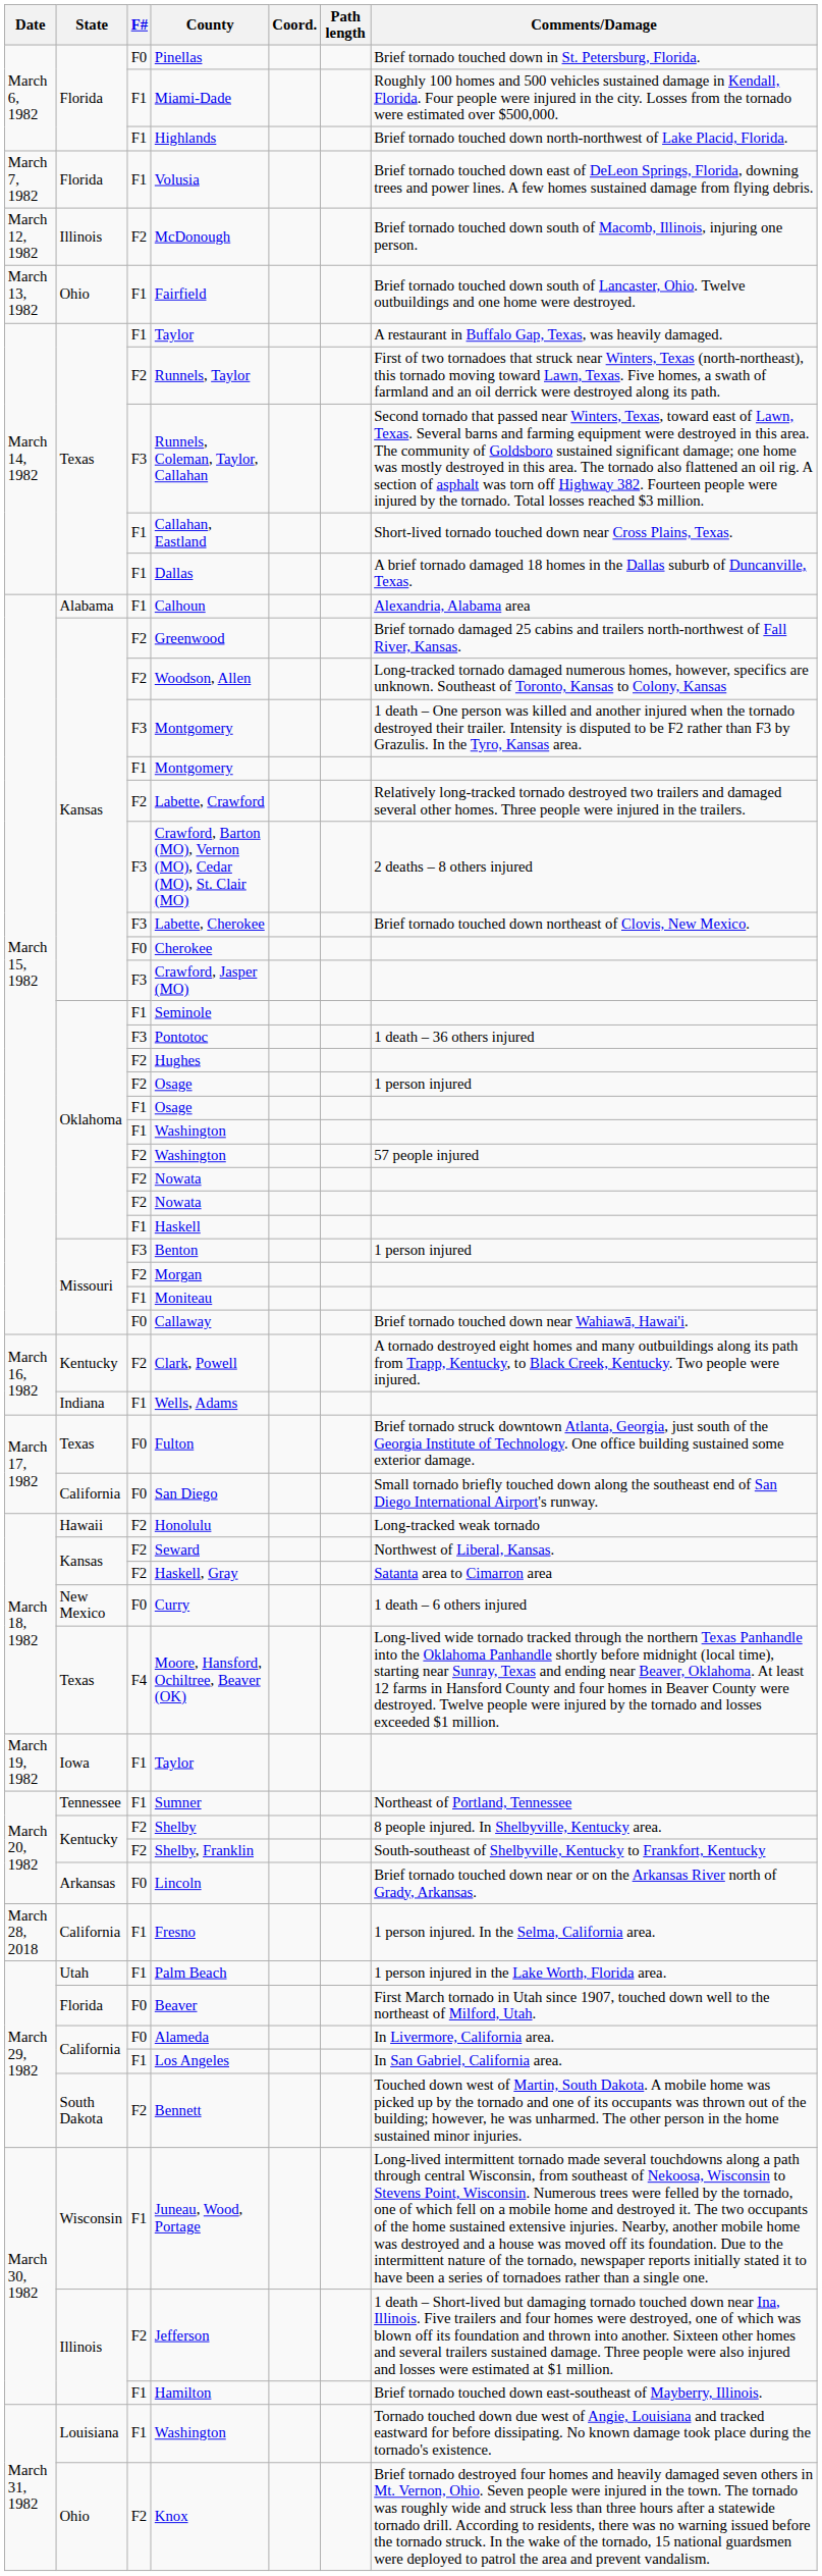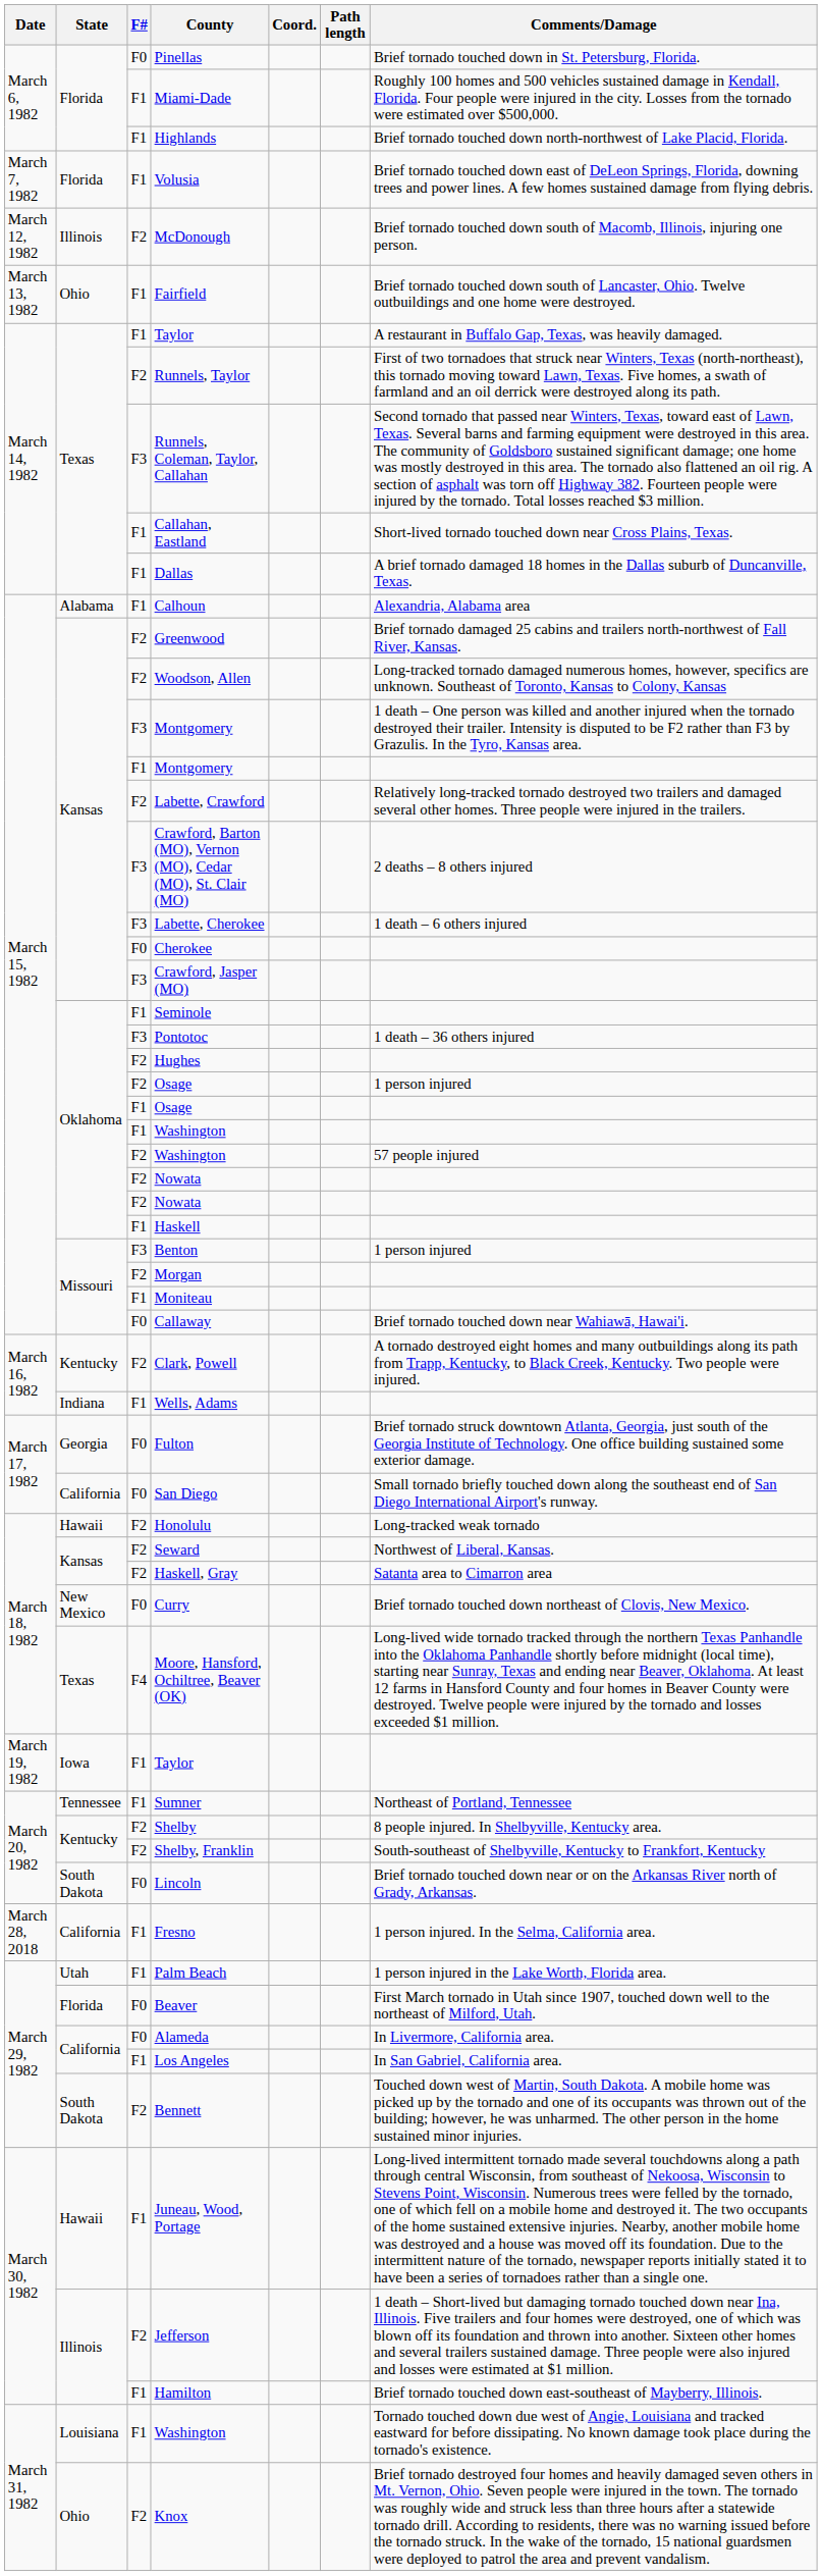 <table class="wikitable sortable">
 <tr>
 <th>Date</th>
 <th>State</th>
 <th><a href='#'>F#</a></th>
 <th>County</th>
 <th>Coord.</th>
 <th>Path length</th>
 <th>Comments/Damage</th>
 </tr>
 <tr>
 <td rowspan="3">March 6, 1982</td>
 <td rowspan="3">Florida</td>
 <td style="background: #">F0</td>
 <td><a href='#'>Pinellas</a></td>
 <td></td>
 <td></td>
 <td>Brief tornado touched down in <a href='#'>St. Petersburg, Florida</a>.</td>
 </tr>
 <tr>
 <td style="background: #">F1</td>
 <td><a href='#'>Miami-Dade</a></td>
 <td></td>
 <td></td>
 <td>Roughly 100 homes and 500 vehicles sustained damage in <a href='#'>Kendall, Florida</a>. Four people were injured in the city. Losses from the tornado were estimated over $500,000.</td>
 </tr>
 <tr>
 <td style="background: #">F1</td>
 <td><a href='#'>Highlands</a></td>
 <td></td>
 <td></td>
 <td>Brief tornado touched down north-northwest of <a href='#'>Lake Placid, Florida</a>.</td>
 </tr>
 <tr>
 <td>March 7, 1982</td>
 <td>Florida</td>
 <td style="background: #">F1</td>
 <td><a href='#'>Volusia</a></td>
 <td></td>
 <td></td>
 <td>Brief tornado touched down east of <a href='#'>DeLeon Springs, Florida</a>, downing trees and power lines. A few homes sustained damage from flying debris.</td>
 </tr>
 <tr>
 <td>March 12, 1982</td>
 <td>Illinois</td>
 <td style="background: #">F2</td>
 <td><a href='#'>McDonough</a></td>
 <td></td>
 <td></td>
 <td>Brief tornado touched down south of <a href='#'>Macomb, Illinois</a>, injuring one person.</td>
 </tr>
 <tr>
 <td>March 13, 1982</td>
 <td>Ohio</td>
 <td style="background: #">F1</td>
 <td><a href='#'>Fairfield</a></td>
 <td></td>
 <td></td>
 <td>Brief tornado touched down south of <a href='#'>Lancaster, Ohio</a>. Twelve outbuildings and one home were destroyed.</td>
 </tr>
 <tr>
 <td rowspan="5">March 14, 1982</td>
 <td rowspan="5">Texas</td>
 <td style="background: #">F1</td>
 <td><a href='#'>Taylor</a></td>
 <td></td>
 <td></td>
 <td>A restaurant in <a href='#'>Buffalo Gap, Texas</a>, was heavily damaged.</td>
 </tr>
 <tr>
 <td style="background: #">F2</td>
 <td><a href='#'>Runnels</a>, <a href='#'>Taylor</a></td>
 <td></td>
 <td></td>
 <td>First of two tornadoes that struck near <a href='#'>Winters, Texas</a> (north-northeast), this tornado moving toward <a href='#'>Lawn, Texas</a>. Five homes, a swath of farmland and an oil derrick were destroyed along its path.</td>
 </tr>
 <tr>
 <td style="background: #">F3</td>
 <td><a href='#'>Runnels</a>, <a href='#'>Coleman</a>, <a href='#'>Taylor</a>, <a href='#'>Callahan</a></td>
 <td></td>
 <td></td>
 <td>Second tornado that passed near <a href='#'>Winters, Texas</a>, toward east of <a href='#'>Lawn, Texas</a>. Several barns and farming equipment were destroyed in this area. The community of <a href='#'>Goldsboro</a> sustained significant damage; one home was mostly destroyed in this area. The tornado also flattened an oil rig. A  section of <a href='#'>asphalt</a> was torn off <a href='#'>Highway 382</a>. Fourteen people were injured by the tornado. Total losses reached $3 million.</td>
 </tr>
 <tr>
 <td style="background: #">F1</td>
 <td><a href='#'>Callahan</a>, <a href='#'>Eastland</a></td>
 <td></td>
 <td></td>
 <td>Short-lived tornado touched down near <a href='#'>Cross Plains, Texas</a>.</td>
 </tr>
 <tr>
 <td style="background: #">F1</td>
 <td><a href='#'>Dallas</a></td>
 <td></td>
 <td></td>
 <td>A brief tornado damaged 18 homes in the <a href='#'>Dallas</a> suburb of <a href='#'>Duncanville, Texas</a>.</td>
 </tr>
 <tr>
 <td rowspan="24">March 15, 1982</td>
 <td>Alabama</td>
 <td style="background: #">F1</td>
 <td><a href='#'>Calhoun</a></td>
 <td></td>
 <td></td>
 <td><a href='#'>Alexandria, Alabama</a> area</td>
 </tr>
 <tr>
 <td rowspan="9">Kansas</td>
 <td style="background: #">F2</td>
 <td><a href='#'>Greenwood</a></td>
 <td></td>
 <td></td>
 <td>Brief tornado damaged 25 cabins and trailers north-northwest of <a href='#'>Fall River, Kansas</a>.</td>
 </tr>
 <tr>
 <td style="background: #">F2</td>
 <td><a href='#'>Woodson</a>, <a href='#'>Allen</a></td>
 <td></td>
 <td></td>
 <td>Long-tracked tornado damaged numerous homes, however, specifics are unknown. Southeast of <a href='#'>Toronto, Kansas</a> to <a href='#'>Colony, Kansas</a></td>
 </tr>
 <tr>
 <td style="background: #">F3</td>
 <td><a href='#'>Montgomery</a></td>
 <td></td>
 <td></td>
 <td>1 death – One person was killed and another injured when the tornado destroyed their trailer. Intensity is disputed to be F2 rather than F3 by Grazulis. In the <a href='#'>Tyro, Kansas</a> area.</td>
 </tr>
 <tr>
 <td style="background: #">F1</td>
 <td><a href='#'>Montgomery</a></td>
 <td></td>
 <td></td>
 <td></td>
 </tr>
 <tr>
 <td style="background: #">F2</td>
 <td><a href='#'>Labette</a>, <a href='#'>Crawford</a></td>
 <td></td>
 <td></td>
 <td>Relatively long-tracked tornado destroyed two trailers and damaged several other homes. Three people were injured in the trailers.</td>
 </tr>
 <tr>
 <td style="background: #">F3</td>
 <td><a href='#'>Crawford</a>, <a href='#'>Barton (MO)</a>, <a href='#'>Vernon (MO)</a>, <a href='#'>Cedar (MO)</a>, <a href='#'>St. Clair (MO)</a></td>
 <td></td>
 <td></td>
 <td>2 deaths – 8 others injured</td>
 </tr>
 <tr>
 <td style="background: #">F3</td>
 <td><a href='#'>Labette</a>, <a href='#'>Cherokee</a></td>
 <td></td>
 <td></td>
-<td>Brief tornado touched down northeast of <a href='#'>Clovis, New Mexico</a>.</td>
+<td>1 death – 6 others injured</td>
 </tr>
 <tr>
 <td style="background: #">F0</td>
 <td><a href='#'>Cherokee</a></td>
 <td></td>
 <td></td>
 <td></td>
 </tr>
 <tr>
 <td style="background: #">F3</td>
 <td><a href='#'>Crawford</a>, <a href='#'>Jasper (MO)</a></td>
 <td></td>
 <td></td>
 <td></td>
 </tr>
 <tr>
 <td rowspan="10">Oklahoma</td>
 <td style="background: #">F1</td>
 <td><a href='#'>Seminole</a></td>
 <td></td>
 <td></td>
 <td></td>
 </tr>
 <tr>
 <td style="background: #">F3</td>
 <td><a href='#'>Pontotoc</a></td>
 <td></td>
 <td></td>
 <td>1 death – 36 others injured</td>
 </tr>
 <tr>
 <td style="background: #">F2</td>
 <td><a href='#'>Hughes</a></td>
 <td></td>
 <td></td>
 <td></td>
 </tr>
 <tr>
 <td style="background: #">F2</td>
 <td><a href='#'>Osage</a></td>
 <td></td>
 <td></td>
 <td>1 person injured</td>
 </tr>
 <tr>
 <td style="background: #">F1</td>
 <td><a href='#'>Osage</a></td>
 <td></td>
 <td></td>
 <td></td>
 </tr>
 <tr>
 <td style="background: #">F1</td>
 <td><a href='#'>Washington</a></td>
 <td></td>
 <td></td>
 <td></td>
 </tr>
 <tr>
 <td style="background: #">F2</td>
 <td><a href='#'>Washington</a></td>
 <td></td>
 <td></td>
 <td>57 people injured</td>
 </tr>
 <tr>
 <td style="background: #">F2</td>
 <td><a href='#'>Nowata</a></td>
 <td></td>
 <td></td>
 <td></td>
 </tr>
 <tr>
 <td style="background: #">F2</td>
 <td><a href='#'>Nowata</a></td>
 <td></td>
 <td></td>
 <td></td>
 </tr>
 <tr>
 <td style="background: #">F1</td>
 <td><a href='#'>Haskell</a></td>
 <td></td>
 <td></td>
 <td></td>
 </tr>
 <tr>
 <td rowspan="4">Missouri</td>
 <td style="background: #">F3</td>
 <td><a href='#'>Benton</a></td>
 <td></td>
 <td></td>
 <td>1 person injured</td>
 </tr>
 <tr>
 <td style="background: #">F2</td>
 <td><a href='#'>Morgan</a></td>
 <td></td>
 <td></td>
 <td></td>
 </tr>
 <tr>
 <td style="background: #">F1</td>
 <td><a href='#'>Moniteau</a></td>
 <td></td>
 <td></td>
 <td></td>
 </tr>
 <tr>
 <td style="background: #">F0</td>
 <td><a href='#'>Callaway</a></td>
 <td></td>
 <td></td>
 <td>Brief tornado touched down near <a href='#'>Wahiawā, Hawai'i</a>.</td>
 </tr>
 <tr>
 <td rowspan="2">March 16, 1982</td>
 <td>Kentucky</td>
 <td style="background: #">F2</td>
 <td><a href='#'>Clark</a>, <a href='#'>Powell</a></td>
 <td></td>
 <td></td>
 <td>A tornado destroyed eight homes and many outbuildings along its path from <a href='#'>Trapp, Kentucky</a>, to <a href='#'>Black Creek, Kentucky</a>. Two people were injured.</td>
 </tr>
 <tr>
 <td>Indiana</td>
 <td style="background: #">F1</td>
 <td><a href='#'>Wells</a>, <a href='#'>Adams</a></td>
 <td></td>
 <td></td>
 <td></td>
 </tr>
 <tr>
 <td rowspan="2">March 17, 1982</td>
-<td>Texas</td>
+<td>Georgia</td>
 <td style="background: #">F0</td>
 <td><a href='#'>Fulton</a></td>
 <td></td>
 <td></td>
 <td>Brief tornado struck downtown <a href='#'>Atlanta, Georgia</a>, just south of the <a href='#'>Georgia Institute of Technology</a>. One office building sustained some exterior damage.</td>
 </tr>
 <tr>
 <td>California</td>
 <td style="background: #">F0</td>
 <td><a href='#'>San Diego</a></td>
 <td></td>
 <td></td>
 <td>Small tornado briefly touched down along the southeast end of <a href='#'>San Diego International Airport</a>'s runway.</td>
 </tr>
 <tr>
 <td rowspan="5">March 18, 1982</td>
 <td>Hawaii</td>
 <td style="background: #">F2</td>
 <td><a href='#'>Honolulu</a></td>
 <td></td>
 <td></td>
 <td>Long-tracked weak tornado</td>
 </tr>
 <tr>
 <td rowspan="2">Kansas</td>
 <td style="background: #">F2</td>
 <td><a href='#'>Seward</a></td>
 <td></td>
 <td></td>
 <td>Northwest of <a href='#'>Liberal, Kansas</a>.</td>
 </tr>
 <tr>
 <td style="background: #">F2</td>
 <td><a href='#'>Haskell</a>, <a href='#'>Gray</a></td>
 <td></td>
 <td></td>
 <td><a href='#'>Satanta</a> area to <a href='#'>Cimarron</a> area</td>
 </tr>
 <tr>
 <td>New Mexico</td>
 <td style="background: #">F0</td>
 <td><a href='#'>Curry</a></td>
 <td></td>
 <td></td>
-<td>1 death – 6 others injured</td>
+<td>Brief tornado touched down northeast of <a href='#'>Clovis, New Mexico</a>.</td>
 </tr>
 <tr>
 <td>Texas</td>
 <td style="background: #">F4</td>
 <td><a href='#'>Moore</a>, <a href='#'>Hansford</a>, <a href='#'>Ochiltree</a>, <a href='#'>Beaver (OK)</a></td>
 <td></td>
 <td></td>
 <td>Long-lived  wide tornado tracked through the northern <a href='#'>Texas Panhandle</a> into the <a href='#'>Oklahoma Panhandle</a> shortly before midnight (local time), starting near <a href='#'>Sunray, Texas</a> and ending near <a href='#'>Beaver, Oklahoma</a>. At least 12 farms in Hansford County and four homes in Beaver County were destroyed. Twelve people were injured by the tornado and losses exceeded $1 million.</td>
 </tr>
 <tr>
 <td>March 19, 1982</td>
 <td>Iowa</td>
 <td style="background: #">F1</td>
 <td><a href='#'>Taylor</a></td>
 <td></td>
 <td></td>
 <td></td>
 </tr>
 <tr>
 <td rowspan="4">March 20, 1982</td>
 <td>Tennessee</td>
 <td style="background: #">F1</td>
 <td><a href='#'>Sumner</a></td>
 <td></td>
 <td></td>
 <td>Northeast of <a href='#'>Portland, Tennessee</a></td>
 </tr>
 <tr>
 <td rowspan="2">Kentucky</td>
 <td style="background: #">F2</td>
 <td><a href='#'>Shelby</a></td>
 <td></td>
 <td></td>
 <td>8 people injured. In <a href='#'>Shelbyville, Kentucky</a> area.</td>
 </tr>
 <tr>
 <td style="background: #">F2</td>
 <td><a href='#'>Shelby</a>, <a href='#'>Franklin</a></td>
 <td></td>
 <td></td>
 <td>South-southeast of <a href='#'>Shelbyville, Kentucky</a> to <a href='#'>Frankfort, Kentucky</a></td>
 </tr>
 <tr>
-<td>Arkansas</td>
+<td>South Dakota</td>
 <td style="background: #">F0</td>
 <td><a href='#'>Lincoln</a></td>
 <td></td>
 <td></td>
 <td>Brief tornado touched down near or on the <a href='#'>Arkansas River</a> north of <a href='#'>Grady, Arkansas</a>.</td>
 </tr>
 <tr>
 <td>March 28, 2018</td>
 <td>California</td>
 <td style="background: #">F1</td>
 <td><a href='#'>Fresno</a></td>
 <td></td>
 <td></td>
 <td>1 person injured. In the <a href='#'>Selma, California</a> area.</td>
 </tr>
 <tr>
 <td rowspan="5">March 29, 1982</td>
 <td>Utah</td>
 <td style="background: #">F1</td>
 <td><a href='#'>Palm Beach</a></td>
 <td></td>
 <td></td>
 <td>1 person injured in the <a href='#'>Lake Worth, Florida</a> area.</td>
 </tr>
 <tr>
 <td>Florida</td>
 <td style="background: #">F0</td>
 <td><a href='#'>Beaver</a></td>
 <td></td>
 <td></td>
 <td>First March tornado in Utah since 1907, touched down well to the northeast of <a href='#'>Milford, Utah</a>.</td>
 </tr>
 <tr>
 <td rowspan="2">California</td>
 <td style="background: #">F0</td>
 <td><a href='#'>Alameda</a></td>
 <td></td>
 <td></td>
 <td>In <a href='#'>Livermore, California</a> area.</td>
 </tr>
 <tr>
 <td style="background: #">F1</td>
 <td><a href='#'>Los Angeles</a></td>
 <td></td>
 <td></td>
 <td>In <a href='#'>San Gabriel, California</a> area.</td>
 </tr>
 <tr>
 <td>South Dakota</td>
 <td style="background: #">F2</td>
 <td><a href='#'>Bennett</a></td>
 <td></td>
 <td></td>
 <td>Touched down west of <a href='#'>Martin, South Dakota</a>. A mobile home was picked up by the tornado and one of its occupants was thrown out of the building; however, he was unharmed. The other person in the home sustained minor injuries.</td>
 </tr>
 <tr>
 <td rowspan="3">March 30, 1982</td>
-<td>Wisconsin</td>
+<td>Hawaii</td>
 <td style="background: #">F1</td>
 <td><a href='#'>Juneau</a>, <a href='#'>Wood</a>, <a href='#'>Portage</a></td>
 <td></td>
 <td></td>
 <td>Long-lived intermittent tornado made several touchdowns along a  path through central Wisconsin, from southeast of <a href='#'>Nekoosa, Wisconsin</a> to <a href='#'>Stevens Point, Wisconsin</a>. Numerous trees were felled by the tornado, one of which fell on a mobile home and destroyed it. The two occupants of the home sustained extensive injuries. Nearby, another mobile home was destroyed and a house was moved off its foundation. Due to the intermittent nature of the tornado, newspaper reports initially stated it to have been a series of tornadoes rather than a single one.</td>
 </tr>
 <tr>
 <td rowspan="2">Illinois</td>
 <td style="background: #">F2</td>
 <td><a href='#'>Jefferson</a></td>
 <td></td>
 <td></td>
 <td>1 death – Short-lived but damaging tornado touched down near <a href='#'>Ina, Illinois</a>. Five trailers and four homes were destroyed, one of which was blown off its foundation and thrown into another. Sixteen other homes and several trailers sustained damage. Three people were also injured and losses were estimated at $1 million.</td>
 </tr>
 <tr>
 <td style="background: #">F1</td>
 <td><a href='#'>Hamilton</a></td>
 <td></td>
 <td></td>
 <td>Brief tornado touched down east-southeast of <a href='#'>Mayberry, Illinois</a>.</td>
 </tr>
 <tr>
 <td rowspan="2">March 31, 1982</td>
 <td>Louisiana</td>
 <td style="background: #">F1</td>
 <td><a href='#'>Washington</a></td>
 <td></td>
 <td></td>
 <td>Tornado touched down due west of <a href='#'>Angie, Louisiana</a> and tracked eastward for  before dissipating. No known damage took place during the tornado's existence.</td>
 </tr>
 <tr>
 <td>Ohio</td>
 <td style="background: #">F2</td>
 <td><a href='#'>Knox</a></td>
 <td></td>
 <td></td>
 <td>Brief tornado destroyed four homes and heavily damaged seven others in <a href='#'>Mt. Vernon, Ohio</a>. Seven people were injured in the town. The tornado was roughly  wide and struck less than three hours after a statewide tornado drill. According to residents, there was no warning issued before the tornado struck. In the wake of the tornado, 15 national guardsmen were deployed to patrol the area and prevent vandalism.</td>
 </tr>
 </table>
